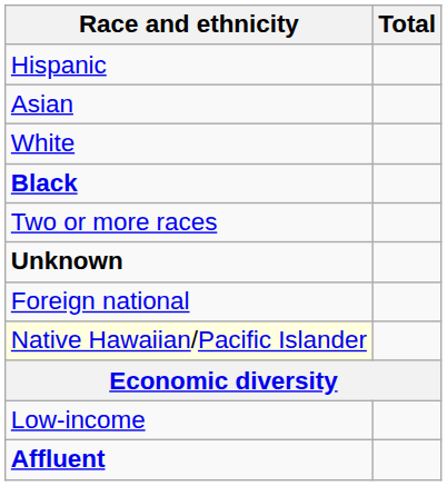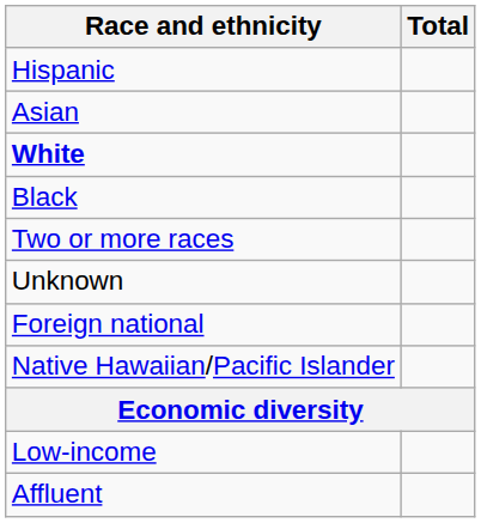 <table class="wikitable floatright sortable collapsible"; text-align:right; font-size:80%;">
 <tr>
 <th>Race and ethnicity</th>
 <th colspan="2" data-sort-type=number>Total</th>
 </tr>
 <tr>
 <td><a href='#'>Hispanic</a></td>
 <td align=right></td>
 </tr>
 <tr>
 <td><a href='#'>Asian</a></td>
 <td align=right></td>
 </tr>
 <tr>
-<td><a href='#'>White</a></td>
+<td><strong><a href='#'>White</a></strong></td>
 <td align=right></td>
 </tr>
 <tr>
-<td><strong><a href='#'>Black</a></strong></td>
+<td><a href='#'>Black</a></td>
 <td align=right></td>
 </tr>
 <tr>
 <td><a href='#'>Two or more races</a></td>
 <td align=right></td>
 </tr>
 <tr>
-<td><strong>Unknown</strong></td>
+<td>Unknown</td>
 <td align=right></td>
 </tr>
 <tr>
 <td><a href='#'>Foreign national</a></td>
 <td align=right></td>
 </tr>
 <tr>
-<td style="background: lightyellow;"><a href='#'>Native Hawaiian</a>/<a href='#'>Pacific Islander</a></td>
+<td><a href='#'>Native Hawaiian</a>/<a href='#'>Pacific Islander</a></td>
 <td align=right></td>
 </tr>
 <tr>
 <th colspan="4" data-sort-type=number><a href='#'>Economic diversity</a></th>
 </tr>
 <tr>
 <td><a href='#'>Low-income</a></td>
 <td align=right></td>
 </tr>
 <tr>
-<td><strong><a href='#'>Affluent</a></strong></td>
+<td><a href='#'>Affluent</a></td>
 <td align=right></td>
 </tr>
 </table>
